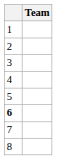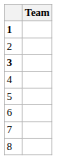 <table class="wikitable">
 <tr>
 <th width=20></th>
 <th>Team</th>
 </tr>
 <tr style="background:#ffffff;">
-<td>1</td>
+<td><strong>1</strong></td>
 <td></td>
 </tr>
 <tr style="background:#ffffff;">
 <td>2</td>
 <td></td>
 </tr>
 <tr style="background:#ffffff;">
-<td>3</td>
+<td><strong>3</strong></td>
 <td></td>
 </tr>
 <tr style="background:#ffffff;">
 <td>4</td>
 <td></td>
 </tr>
 <tr style="background:#ffffff;">
 <td>5</td>
 <td></td>
 </tr>
 <tr style="background:#ffffff;">
-<td><strong>6</strong></td>
+<td>6</td>
 <td></td>
 </tr>
 <tr style="background:#ffffff;">
 <td>7</td>
 <td></td>
 </tr>
 <tr style="background:#ffffff;">
 <td>8</td>
 <td></td>
 </tr>
 </table>
